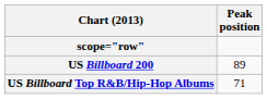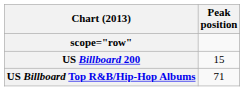 <table class="wikitable sortable plainrowheaders" style="text-align:center;">
 <tr>
 <th scope="col">Chart (2013)</th>
 <th scope="col">Peak<br>position</th>
 </tr>
 <tr>
 <th>scope="row" </th>
 </tr>
 <tr>
 <th scope="row">US <a href='#'><em>Billboard</em> 200</a></th>
-<td style="text-align:center;">89</td>
+<td style="text-align:center;">15</td>
 </tr>
 <tr>
 <th scope="row">US <em>Billboard</em> <a href='#'>Top R&B/Hip-Hop Albums</a></th>
 <td style="text-align:center;">71</td>
 </tr>
 </table>
